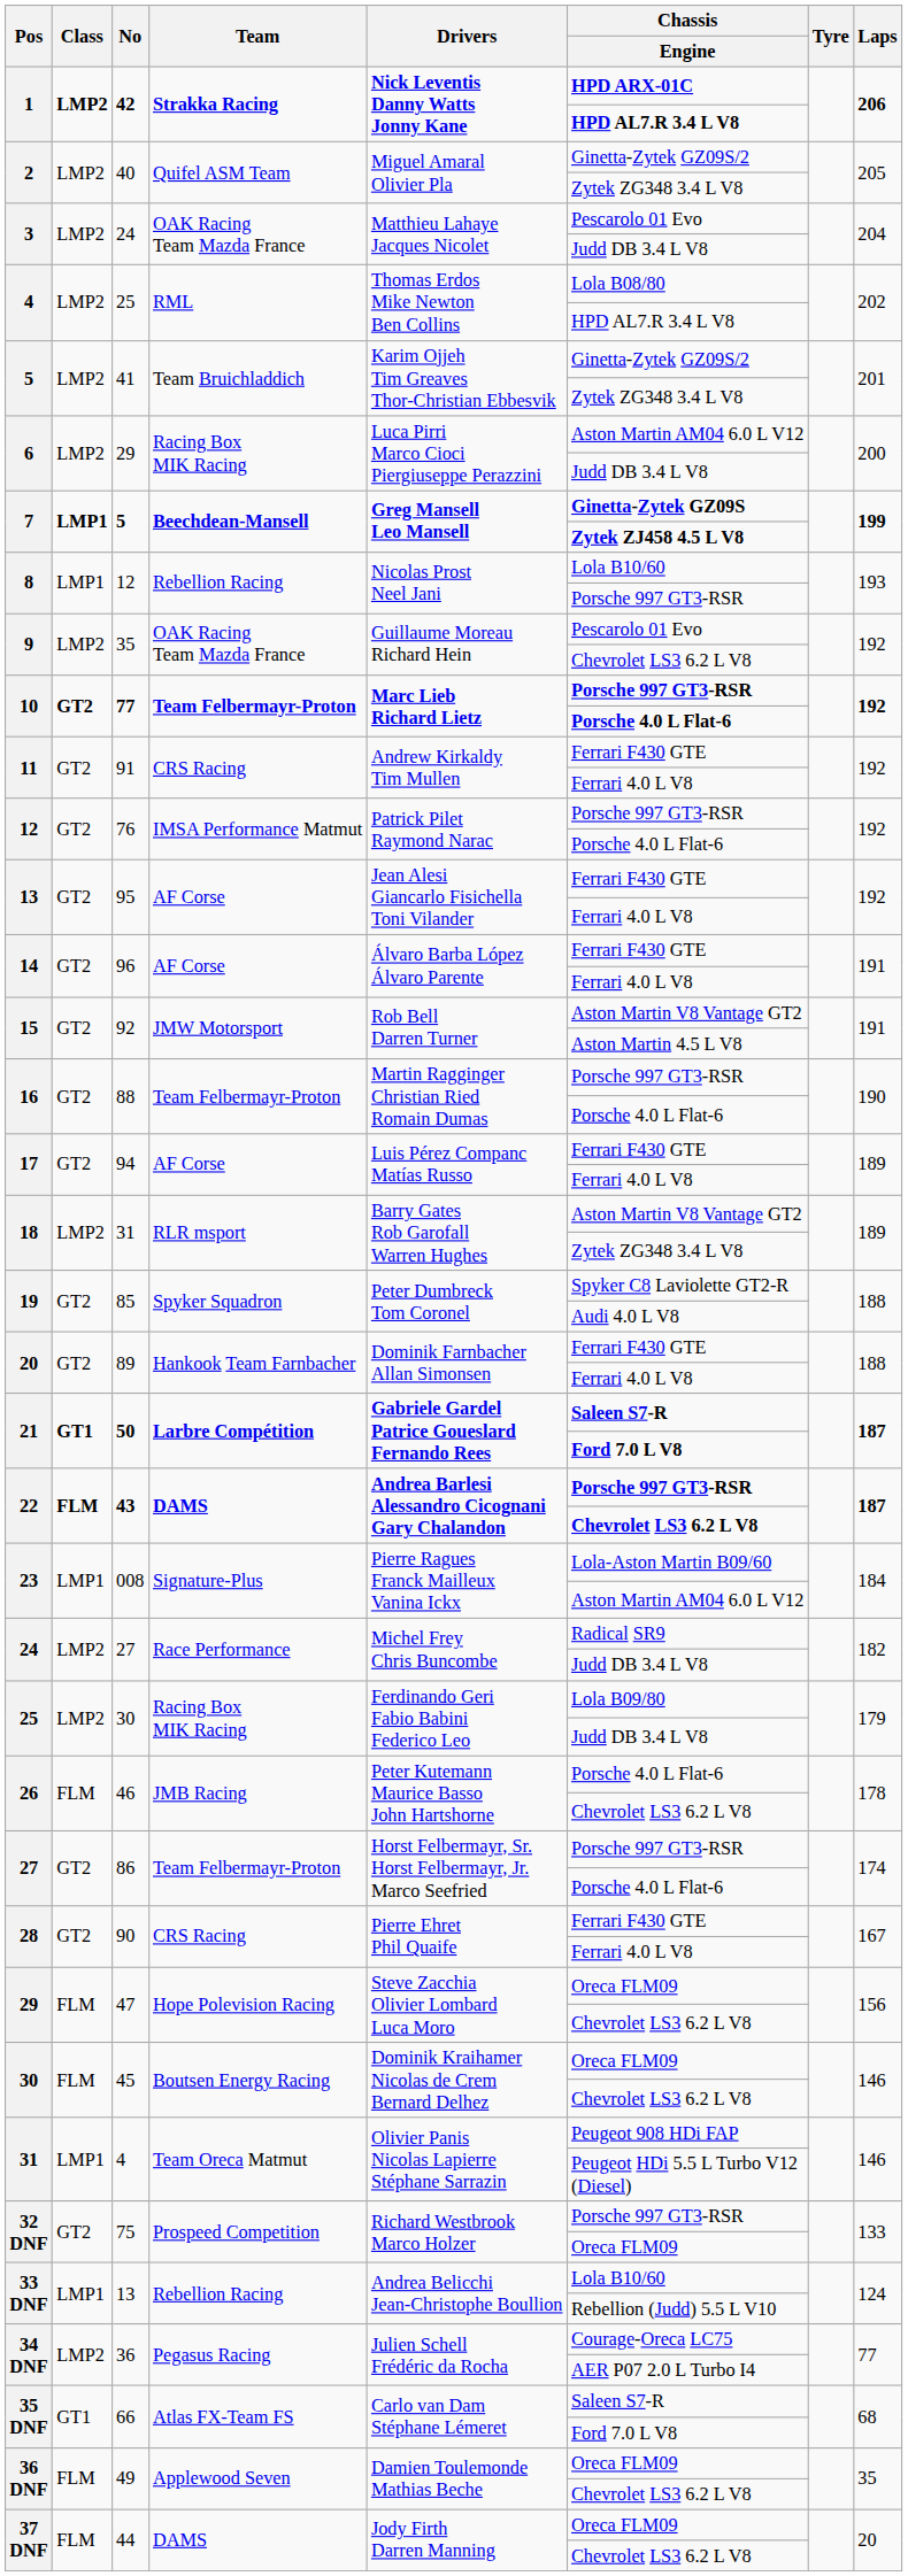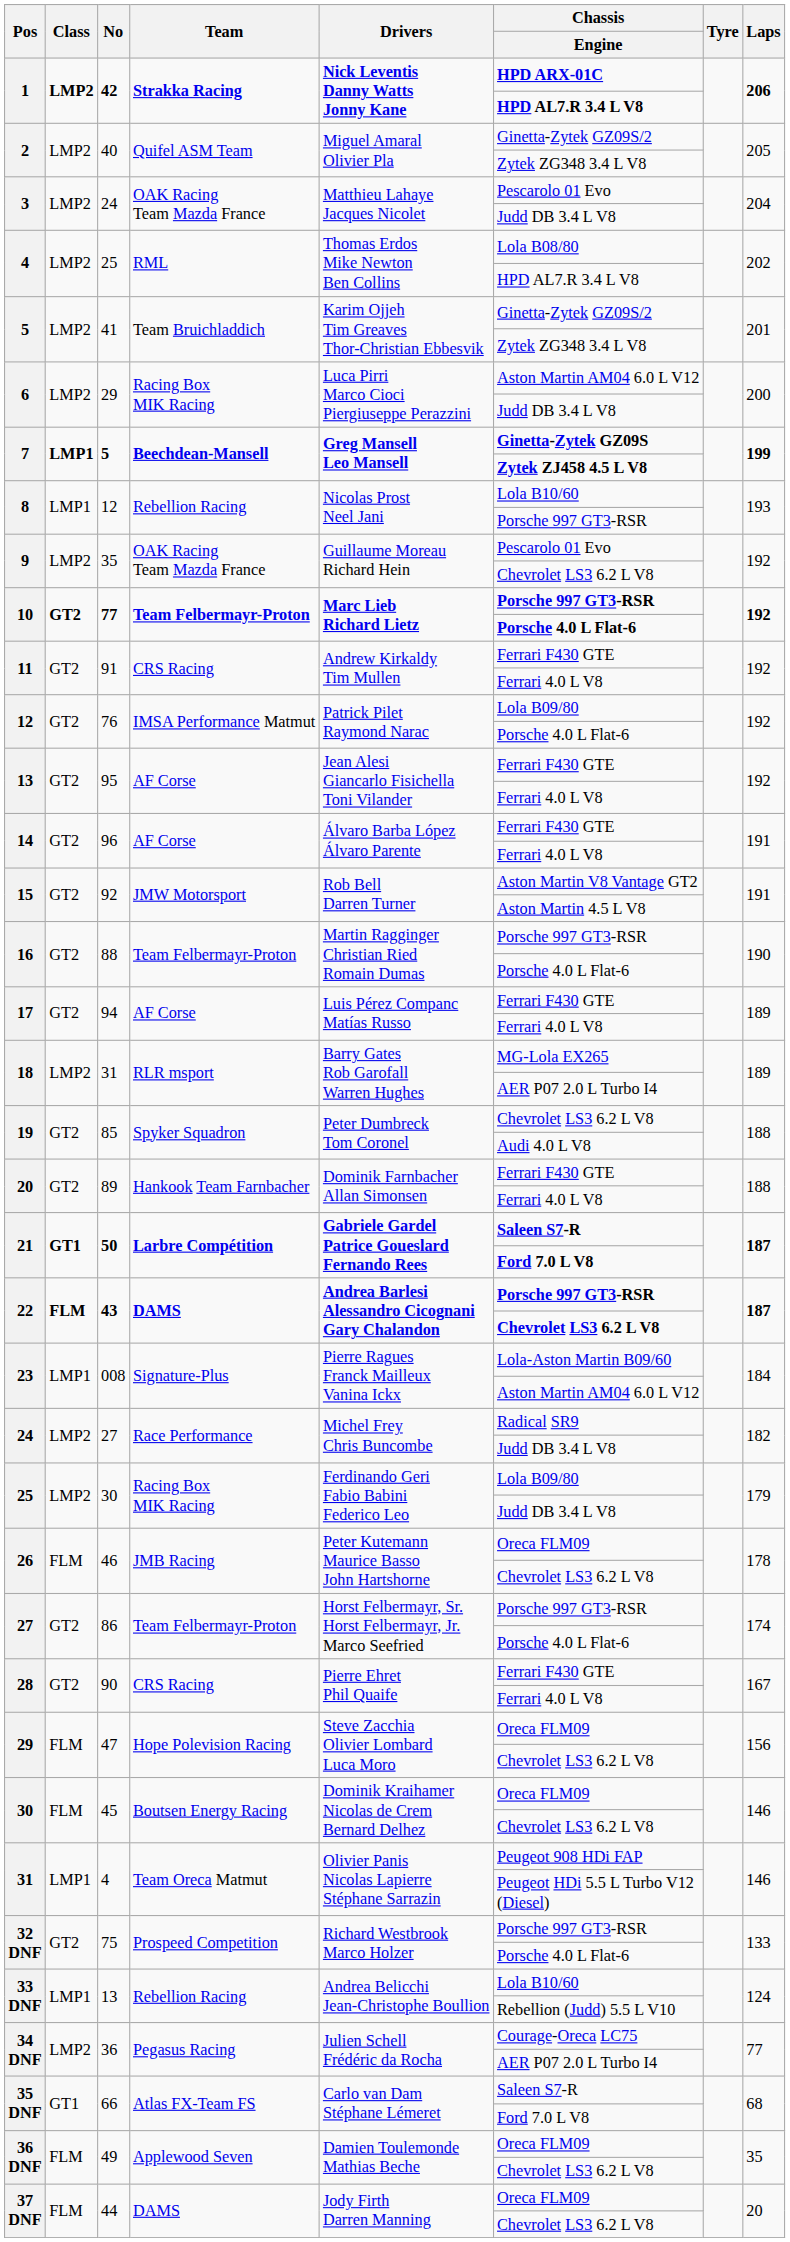 <table class="wikitable" style="font-size: 95%;">
 <tr>
 <th rowspan=2>Pos</th>
 <th rowspan=2>Class</th>
 <th rowspan=2>No</th>
 <th rowspan=2>Team</th>
 <th rowspan=2>Drivers</th>
 <th>Chassis</th>
 <th rowspan=2>Tyre</th>
 <th rowspan=2>Laps</th>
 </tr>
 <tr>
 <th>Engine</th>
 </tr>
 <tr style="font-weight:bold">
 <th rowspan=2>1</th>
 <td rowspan=2>LMP2</td>
 <td rowspan=2>42</td>
 <td rowspan=2> <a href='#'>Strakka Racing</a></td>
 <td rowspan=2> <a href='#'>Nick Leventis</a><br> <a href='#'>Danny Watts</a><br> <a href='#'>Jonny Kane</a></td>
 <td><a href='#'>HPD ARX-01C</a></td>
 <td rowspan=2></td>
 <td rowspan=2>206</td>
 </tr>
 <tr style="font-weight:bold">
 <td><a href='#'>HPD</a> AL7.R 3.4 L V8</td>
 </tr>
 <tr>
 <th rowspan=2>2</th>
 <td rowspan=2>LMP2</td>
 <td rowspan=2>40</td>
 <td rowspan=2> <a href='#'>Quifel ASM Team</a></td>
 <td rowspan=2> <a href='#'>Miguel Amaral</a><br> <a href='#'>Olivier Pla</a></td>
 <td><a href='#'>Ginetta</a>-<a href='#'>Zytek</a> <a href='#'>GZ09S/2</a></td>
 <td rowspan=2></td>
 <td rowspan=2>205</td>
 </tr>
 <tr>
 <td><a href='#'>Zytek</a> ZG348 3.4 L V8</td>
 </tr>
 <tr>
 <th rowspan=2>3</th>
 <td rowspan=2>LMP2</td>
 <td rowspan=2>24</td>
 <td rowspan=2> <a href='#'>OAK Racing</a><br> Team <a href='#'>Mazda</a> France</td>
 <td rowspan=2> <a href='#'>Matthieu Lahaye</a><br> <a href='#'>Jacques Nicolet</a></td>
 <td><a href='#'>Pescarolo 01</a> Evo</td>
 <td rowspan=2></td>
 <td rowspan=2>204</td>
 </tr>
 <tr>
 <td><a href='#'>Judd</a> DB 3.4 L V8</td>
 </tr>
 <tr>
 <th rowspan=2>4</th>
 <td rowspan=2>LMP2</td>
 <td rowspan=2>25</td>
 <td rowspan=2> <a href='#'>RML</a></td>
 <td rowspan=2> <a href='#'>Thomas Erdos</a><br> <a href='#'>Mike Newton</a><br> <a href='#'>Ben Collins</a></td>
 <td><a href='#'>Lola B08/80</a></td>
 <td rowspan=2></td>
 <td rowspan=2>202</td>
 </tr>
 <tr>
 <td><a href='#'>HPD</a> AL7.R 3.4 L V8</td>
 </tr>
 <tr>
 <th rowspan=2>5</th>
 <td rowspan=2>LMP2</td>
 <td rowspan=2>41</td>
 <td rowspan=2> Team <a href='#'>Bruichladdich</a></td>
 <td rowspan=2> <a href='#'>Karim Ojjeh</a><br> <a href='#'>Tim Greaves</a><br> <a href='#'>Thor-Christian Ebbesvik</a></td>
 <td><a href='#'>Ginetta</a>-<a href='#'>Zytek</a> <a href='#'>GZ09S/2</a></td>
 <td rowspan=2></td>
 <td rowspan=2>201</td>
 </tr>
 <tr>
 <td><a href='#'>Zytek</a> ZG348 3.4 L V8</td>
 </tr>
 <tr>
 <th rowspan=2>6</th>
 <td rowspan=2>LMP2</td>
 <td rowspan=2>29</td>
 <td rowspan=2> <a href='#'>Racing Box</a><br> <a href='#'>MIK Racing</a></td>
 <td rowspan=2> <a href='#'>Luca Pirri</a><br> <a href='#'>Marco Cioci</a><br> <a href='#'>Piergiuseppe Perazzini</a></td>
 <td><a href='#'>Aston Martin AM04</a> 6.0 L V12</td>
 <td rowspan=2></td>
 <td rowspan=2>200</td>
 </tr>
 <tr>
 <td><a href='#'>Judd</a> DB 3.4 L V8</td>
 </tr>
 <tr style="font-weight:bold">
 <th rowspan=2>7</th>
 <td rowspan=2>LMP1</td>
 <td rowspan=2>5</td>
 <td rowspan=2> <a href='#'>Beechdean-Mansell</a></td>
 <td rowspan=2> <a href='#'>Greg Mansell</a><br> <a href='#'>Leo Mansell</a></td>
 <td><a href='#'>Ginetta</a>-<a href='#'>Zytek</a> GZ09S</td>
 <td rowspan=2></td>
 <td rowspan=2>199</td>
 </tr>
 <tr style="font-weight:bold">
 <td><a href='#'>Zytek</a> ZJ458 4.5 L V8</td>
 </tr>
 <tr>
 <th rowspan=2>8</th>
 <td rowspan=2>LMP1</td>
 <td rowspan=2>12</td>
 <td rowspan=2> <a href='#'>Rebellion Racing</a></td>
 <td rowspan=2> <a href='#'>Nicolas Prost</a><br> <a href='#'>Neel Jani</a></td>
 <td><a href='#'>Lola B10/60</a></td>
 <td rowspan=2></td>
 <td rowspan=2>193</td>
 </tr>
 <tr>
 <td><a href='#'>Porsche 997 GT3</a>-RSR</td>
 </tr>
 <tr>
 <th rowspan=2>9</th>
 <td rowspan=2>LMP2</td>
 <td rowspan=2>35</td>
 <td rowspan=2> <a href='#'>OAK Racing</a><br> Team <a href='#'>Mazda</a> France</td>
 <td rowspan=2> <a href='#'>Guillaume Moreau</a><br> Richard Hein</td>
 <td><a href='#'>Pescarolo 01</a> Evo</td>
 <td rowspan=2></td>
 <td rowspan=2>192</td>
 </tr>
 <tr>
 <td><a href='#'>Chevrolet</a> <a href='#'>LS3</a> 6.2 L V8</td>
 </tr>
 <tr style="font-weight:bold">
 <th rowspan=2>10</th>
 <td rowspan=2>GT2</td>
 <td rowspan=2>77</td>
 <td rowspan=2> <a href='#'>Team Felbermayr-Proton</a></td>
 <td rowspan=2> <a href='#'>Marc Lieb</a><br> <a href='#'>Richard Lietz</a></td>
 <td><a href='#'>Porsche 997 GT3</a>-RSR</td>
 <td rowspan=2></td>
 <td rowspan=2>192</td>
 </tr>
 <tr style="font-weight:bold">
 <td><a href='#'>Porsche</a> 4.0 L Flat-6</td>
 </tr>
 <tr>
 <th rowspan=2>11</th>
 <td rowspan=2>GT2</td>
 <td rowspan=2>91</td>
 <td rowspan=2> <a href='#'>CRS Racing</a></td>
 <td rowspan=2> <a href='#'>Andrew Kirkaldy</a><br> <a href='#'>Tim Mullen</a></td>
 <td><a href='#'>Ferrari F430</a> GTE</td>
 <td rowspan=2></td>
 <td rowspan=2>192</td>
 </tr>
 <tr>
 <td><a href='#'>Ferrari</a> 4.0 L V8</td>
 </tr>
 <tr>
 <th rowspan=2>12</th>
 <td rowspan=2>GT2</td>
 <td rowspan=2>76</td>
 <td rowspan=2> <a href='#'>IMSA Performance</a> Matmut</td>
 <td rowspan=2> <a href='#'>Patrick Pilet</a><br> <a href='#'>Raymond Narac</a></td>
-<td><a href='#'>Porsche 997 GT3</a>-RSR</td>
+<td><a href='#'>Lola B09/80</a></td>
 <td rowspan=2></td>
 <td rowspan=2>192</td>
 </tr>
 <tr>
 <td><a href='#'>Porsche</a> 4.0 L Flat-6</td>
 </tr>
 <tr>
 <th rowspan=2>13</th>
 <td rowspan=2>GT2</td>
 <td rowspan=2>95</td>
 <td rowspan=2> <a href='#'>AF Corse</a></td>
 <td rowspan=2> <a href='#'>Jean Alesi</a><br> <a href='#'>Giancarlo Fisichella</a><br> <a href='#'>Toni Vilander</a></td>
 <td><a href='#'>Ferrari F430</a> GTE</td>
 <td rowspan=2></td>
 <td rowspan=2>192</td>
 </tr>
 <tr>
 <td><a href='#'>Ferrari</a> 4.0 L V8</td>
 </tr>
 <tr>
 <th rowspan=2>14</th>
 <td rowspan=2>GT2</td>
 <td rowspan=2>96</td>
 <td rowspan=2> <a href='#'>AF Corse</a></td>
 <td rowspan=2> <a href='#'>Álvaro Barba López</a><br> <a href='#'>Álvaro Parente</a></td>
 <td><a href='#'>Ferrari F430</a> GTE</td>
 <td rowspan=2></td>
 <td rowspan=2>191</td>
 </tr>
 <tr>
 <td><a href='#'>Ferrari</a> 4.0 L V8</td>
 </tr>
 <tr>
 <th rowspan=2>15</th>
 <td rowspan=2>GT2</td>
 <td rowspan=2>92</td>
 <td rowspan=2> <a href='#'>JMW Motorsport</a></td>
 <td rowspan=2> <a href='#'>Rob Bell</a><br> <a href='#'>Darren Turner</a></td>
 <td><a href='#'>Aston Martin V8 Vantage</a> GT2</td>
 <td rowspan=2></td>
 <td rowspan=2>191</td>
 </tr>
 <tr>
 <td><a href='#'>Aston Martin</a> 4.5 L V8</td>
 </tr>
 <tr>
 <th rowspan=2>16</th>
 <td rowspan=2>GT2</td>
 <td rowspan=2>88</td>
 <td rowspan=2> <a href='#'>Team Felbermayr-Proton</a></td>
 <td rowspan=2> <a href='#'>Martin Ragginger</a><br> <a href='#'>Christian Ried</a><br> <a href='#'>Romain Dumas</a></td>
 <td><a href='#'>Porsche 997 GT3</a>-RSR</td>
 <td rowspan=2></td>
 <td rowspan=2>190</td>
 </tr>
 <tr>
 <td><a href='#'>Porsche</a> 4.0 L Flat-6</td>
 </tr>
 <tr>
 <th rowspan=2>17</th>
 <td rowspan=2>GT2</td>
 <td rowspan=2>94</td>
 <td rowspan=2> <a href='#'>AF Corse</a></td>
 <td rowspan=2> <a href='#'>Luis Pérez Companc</a><br> <a href='#'>Matías Russo</a></td>
 <td><a href='#'>Ferrari F430</a> GTE</td>
 <td rowspan=2></td>
 <td rowspan=2>189</td>
 </tr>
 <tr>
 <td><a href='#'>Ferrari</a> 4.0 L V8</td>
 </tr>
 <tr>
 <th rowspan=2>18</th>
 <td rowspan=2>LMP2</td>
 <td rowspan=2>31</td>
 <td rowspan=2> <a href='#'>RLR msport</a></td>
 <td rowspan=2> <a href='#'>Barry Gates</a><br> <a href='#'>Rob Garofall</a><br> <a href='#'>Warren Hughes</a></td>
-<td><a href='#'>Aston Martin V8 Vantage</a> GT2</td>
+<td><a href='#'>MG-Lola EX265</a></td>
 <td rowspan=2></td>
 <td rowspan=2>189</td>
 </tr>
 <tr>
-<td><a href='#'>Zytek</a> ZG348 3.4 L V8</td>
+<td><a href='#'>AER</a> P07 2.0 L Turbo I4</td>
 </tr>
 <tr>
 <th rowspan=2>19</th>
 <td rowspan=2>GT2</td>
 <td rowspan=2>85</td>
 <td rowspan=2> <a href='#'>Spyker Squadron</a></td>
 <td rowspan=2> <a href='#'>Peter Dumbreck</a><br> <a href='#'>Tom Coronel</a></td>
-<td><a href='#'>Spyker C8</a> Laviolette GT2-R</td>
+<td><a href='#'>Chevrolet</a> <a href='#'>LS3</a> 6.2 L V8</td>
 <td rowspan=2></td>
 <td rowspan=2>188</td>
 </tr>
 <tr>
 <td><a href='#'>Audi</a> 4.0 L V8</td>
 </tr>
 <tr>
 <th rowspan=2>20</th>
 <td rowspan=2>GT2</td>
 <td rowspan=2>89</td>
 <td rowspan=2> <a href='#'>Hankook</a> <a href='#'>Team Farnbacher</a></td>
 <td rowspan=2> <a href='#'>Dominik Farnbacher</a><br> <a href='#'>Allan Simonsen</a></td>
 <td><a href='#'>Ferrari F430</a> GTE</td>
 <td rowspan=2></td>
 <td rowspan=2>188</td>
 </tr>
 <tr>
 <td><a href='#'>Ferrari</a> 4.0 L V8</td>
 </tr>
 <tr style="font-weight:bold">
 <th rowspan=2>21</th>
 <td rowspan=2>GT1</td>
 <td rowspan=2>50</td>
 <td rowspan=2> <a href='#'>Larbre Compétition</a></td>
 <td rowspan=2> <a href='#'>Gabriele Gardel</a><br> <a href='#'>Patrice Goueslard</a><br> <a href='#'>Fernando Rees</a></td>
 <td><a href='#'>Saleen S7</a>-R</td>
 <td rowspan=2></td>
 <td rowspan=2>187</td>
 </tr>
 <tr style="font-weight:bold">
 <td><a href='#'>Ford</a> 7.0 L V8</td>
 </tr>
 <tr style="font-weight:bold">
 <th rowspan=2>22</th>
 <td rowspan=2>FLM</td>
 <td rowspan=2>43</td>
 <td rowspan=2> <a href='#'>DAMS</a></td>
 <td rowspan=2> <a href='#'>Andrea Barlesi</a><br> <a href='#'>Alessandro Cicognani</a><br> <a href='#'>Gary Chalandon</a></td>
 <td><a href='#'>Porsche 997 GT3</a>-RSR</td>
 <td rowspan=2></td>
 <td rowspan=2>187</td>
 </tr>
 <tr style="font-weight:bold">
 <td><a href='#'>Chevrolet</a> <a href='#'>LS3</a> 6.2 L V8</td>
 </tr>
 <tr>
 <th rowspan=2>23</th>
 <td rowspan=2>LMP1</td>
 <td rowspan=2>008</td>
 <td rowspan=2> <a href='#'>Signature-Plus</a></td>
 <td rowspan=2> <a href='#'>Pierre Ragues</a><br> <a href='#'>Franck Mailleux</a><br> <a href='#'>Vanina Ickx</a></td>
 <td><a href='#'>Lola-Aston Martin B09/60</a></td>
 <td rowspan=2></td>
 <td rowspan=2>184</td>
 </tr>
 <tr>
 <td><a href='#'>Aston Martin AM04</a> 6.0 L V12</td>
 </tr>
 <tr>
 <th rowspan=2>24</th>
 <td rowspan=2>LMP2</td>
 <td rowspan=2>27</td>
 <td rowspan=2> <a href='#'>Race Performance</a></td>
 <td rowspan=2> <a href='#'>Michel Frey</a><br> <a href='#'>Chris Buncombe</a></td>
 <td><a href='#'>Radical</a> <a href='#'>SR9</a></td>
 <td rowspan=2></td>
 <td rowspan=2>182</td>
 </tr>
 <tr>
 <td><a href='#'>Judd</a> DB 3.4 L V8</td>
 </tr>
 <tr>
 <th rowspan=2>25</th>
 <td rowspan=2>LMP2</td>
 <td rowspan=2>30</td>
 <td rowspan=2> <a href='#'>Racing Box</a><br> <a href='#'>MIK Racing</a></td>
 <td rowspan=2> <a href='#'>Ferdinando Geri</a><br> <a href='#'>Fabio Babini</a><br> <a href='#'>Federico Leo</a></td>
 <td><a href='#'>Lola B09/80</a></td>
 <td rowspan=2></td>
 <td rowspan=2>179</td>
 </tr>
 <tr>
 <td><a href='#'>Judd</a> DB 3.4 L V8</td>
 </tr>
 <tr>
 <th rowspan=2>26</th>
 <td rowspan=2>FLM</td>
 <td rowspan=2>46</td>
 <td rowspan=2> <a href='#'>JMB Racing</a></td>
 <td rowspan=2> <a href='#'>Peter Kutemann</a><br> <a href='#'>Maurice Basso</a><br> <a href='#'>John Hartshorne</a></td>
-<td><a href='#'>Porsche</a> 4.0 L Flat-6</td>
+<td><a href='#'>Oreca FLM09</a></td>
 <td rowspan=2></td>
 <td rowspan=2>178</td>
 </tr>
 <tr>
 <td><a href='#'>Chevrolet</a> <a href='#'>LS3</a> 6.2 L V8</td>
 </tr>
 <tr>
 <th rowspan=2>27</th>
 <td rowspan=2>GT2</td>
 <td rowspan=2>86</td>
 <td rowspan=2> <a href='#'>Team Felbermayr-Proton</a></td>
 <td rowspan=2> <a href='#'>Horst Felbermayr, Sr.</a><br> <a href='#'>Horst Felbermayr, Jr.</a><br> Marco Seefried</td>
 <td><a href='#'>Porsche 997 GT3</a>-RSR</td>
 <td rowspan=2></td>
 <td rowspan=2>174</td>
 </tr>
 <tr>
 <td><a href='#'>Porsche</a> 4.0 L Flat-6</td>
 </tr>
 <tr>
 <th rowspan=2>28</th>
 <td rowspan=2>GT2</td>
 <td rowspan=2>90</td>
 <td rowspan=2> <a href='#'>CRS Racing</a></td>
 <td rowspan=2> <a href='#'>Pierre Ehret</a><br> <a href='#'>Phil Quaife</a></td>
 <td><a href='#'>Ferrari F430</a> GTE</td>
 <td rowspan=2></td>
 <td rowspan=2>167</td>
 </tr>
 <tr>
 <td><a href='#'>Ferrari</a> 4.0 L V8</td>
 </tr>
 <tr>
 <th rowspan=2>29</th>
 <td rowspan=2>FLM</td>
 <td rowspan=2>47</td>
 <td rowspan=2> <a href='#'>Hope Polevision Racing</a></td>
 <td rowspan=2> <a href='#'>Steve Zacchia</a><br> <a href='#'>Olivier Lombard</a><br> <a href='#'>Luca Moro</a></td>
 <td><a href='#'>Oreca FLM09</a></td>
 <td rowspan=2></td>
 <td rowspan=2>156</td>
 </tr>
 <tr>
 <td><a href='#'>Chevrolet</a> <a href='#'>LS3</a> 6.2 L V8</td>
 </tr>
 <tr>
 <th rowspan=2>30</th>
 <td rowspan=2>FLM</td>
 <td rowspan=2>45</td>
 <td rowspan=2> <a href='#'>Boutsen Energy Racing</a></td>
 <td rowspan=2> <a href='#'>Dominik Kraihamer</a><br> <a href='#'>Nicolas de Crem</a><br> <a href='#'>Bernard Delhez</a></td>
 <td><a href='#'>Oreca FLM09</a></td>
 <td rowspan=2></td>
 <td rowspan=2>146</td>
 </tr>
 <tr>
 <td><a href='#'>Chevrolet</a> <a href='#'>LS3</a> 6.2 L V8</td>
 </tr>
 <tr>
 <th rowspan=2>31</th>
 <td rowspan=2>LMP1</td>
 <td rowspan=2>4</td>
 <td rowspan=2> <a href='#'>Team Oreca</a> Matmut</td>
 <td rowspan=2> <a href='#'>Olivier Panis</a><br> <a href='#'>Nicolas Lapierre</a><br> <a href='#'>Stéphane Sarrazin</a></td>
 <td><a href='#'>Peugeot 908 HDi FAP</a></td>
 <td rowspan=2></td>
 <td rowspan=2>146</td>
 </tr>
 <tr>
 <td><a href='#'>Peugeot</a> <a href='#'>HDi</a> 5.5 L Turbo V12<br>(<a href='#'>Diesel</a>)</td>
 </tr>
 <tr>
 <th rowspan=2>32<br>DNF</th>
 <td rowspan=2>GT2</td>
 <td rowspan=2>75</td>
 <td rowspan=2> <a href='#'>Prospeed Competition</a></td>
 <td rowspan=2> <a href='#'>Richard Westbrook</a><br> <a href='#'>Marco Holzer</a></td>
 <td><a href='#'>Porsche 997 GT3</a>-RSR</td>
 <td rowspan=2></td>
 <td rowspan=2>133</td>
 </tr>
 <tr>
-<td><a href='#'>Oreca FLM09</a></td>
+<td><a href='#'>Porsche</a> 4.0 L Flat-6</td>
 </tr>
 <tr>
 <th rowspan=2>33<br>DNF</th>
 <td rowspan=2>LMP1</td>
 <td rowspan=2>13</td>
 <td rowspan=2> <a href='#'>Rebellion Racing</a></td>
 <td rowspan=2> <a href='#'>Andrea Belicchi</a><br> <a href='#'>Jean-Christophe Boullion</a></td>
 <td><a href='#'>Lola B10/60</a></td>
 <td rowspan=2></td>
 <td rowspan=2>124</td>
 </tr>
 <tr>
 <td>Rebellion (<a href='#'>Judd</a>) 5.5 L V10</td>
 </tr>
 <tr>
 <th rowspan=2>34<br>DNF</th>
 <td rowspan=2>LMP2</td>
 <td rowspan=2>36</td>
 <td rowspan=2> <a href='#'>Pegasus Racing</a></td>
 <td rowspan=2> <a href='#'>Julien Schell</a><br> <a href='#'>Frédéric da Rocha</a></td>
 <td><a href='#'>Courage</a>-<a href='#'>Oreca</a> <a href='#'>LC75</a></td>
 <td rowspan=2></td>
 <td rowspan=2>77</td>
 </tr>
 <tr>
 <td><a href='#'>AER</a> P07 2.0 L Turbo I4</td>
 </tr>
 <tr>
 <th rowspan=2>35<br>DNF</th>
 <td rowspan=2>GT1</td>
 <td rowspan=2>66</td>
 <td rowspan=2> <a href='#'>Atlas FX-Team FS</a></td>
 <td rowspan=2> <a href='#'>Carlo van Dam</a><br> <a href='#'>Stéphane Lémeret</a></td>
 <td><a href='#'>Saleen S7</a>-R</td>
 <td rowspan=2></td>
 <td rowspan=2>68</td>
 </tr>
 <tr>
 <td><a href='#'>Ford</a> 7.0 L V8</td>
 </tr>
 <tr>
 <th rowspan=2>36<br>DNF</th>
 <td rowspan=2>FLM</td>
 <td rowspan=2>49</td>
 <td rowspan=2> <a href='#'>Applewood Seven</a></td>
 <td rowspan=2> <a href='#'>Damien Toulemonde</a><br> <a href='#'>Mathias Beche</a></td>
 <td><a href='#'>Oreca FLM09</a></td>
 <td rowspan=2></td>
 <td rowspan=2>35</td>
 </tr>
 <tr>
 <td><a href='#'>Chevrolet</a> <a href='#'>LS3</a> 6.2 L V8</td>
 </tr>
 <tr>
 <th rowspan=2>37<br>DNF</th>
 <td rowspan=2>FLM</td>
 <td rowspan=2>44</td>
 <td rowspan=2> <a href='#'>DAMS</a></td>
 <td rowspan=2> <a href='#'>Jody Firth</a><br> <a href='#'>Darren Manning</a></td>
 <td><a href='#'>Oreca FLM09</a></td>
 <td rowspan=2></td>
 <td rowspan=2>20</td>
 </tr>
 <tr>
 <td><a href='#'>Chevrolet</a> <a href='#'>LS3</a> 6.2 L V8</td>
 </tr>
 </table>
